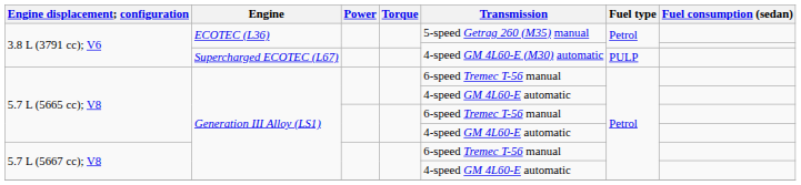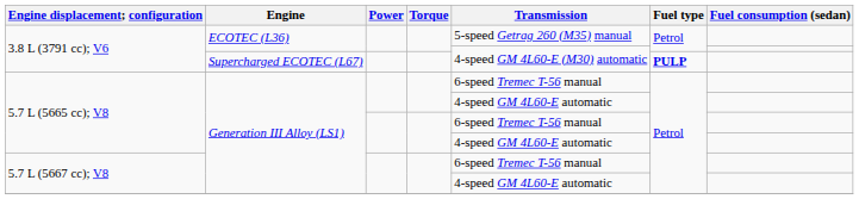 <table class = "wikitable">
 <tr>
 <th><a href='#'>Engine displacement</a>; <a href='#'>configuration</a></th>
 <th>Engine</th>
 <th><a href='#'>Power</a></th>
 <th><a href='#'>Torque</a></th>
 <th><a href='#'>Transmission</a></th>
 <th>Fuel type</th>
 <th><a href='#'>Fuel consumption</a> (sedan)</th>
 </tr>
 <tr>
 <td rowspan = "3">3.8 L (3791 cc); <a href='#'>V6</a></td>
 <td rowspan = "2"><em><a href='#'>ECOTEC (L36)</a></em></td>
 <td rowspan = "2"></td>
 <td rowspan = "2"></td>
 <td rowspan = "1">5-speed <em><a href='#'>Getrag 260 (M35)</a></em> <a href='#'>manual</a></td>
 <td rowspan = "2"><a href='#'>Petrol</a></td>
 <td></td>
 </tr>
 <tr>
 <td rowspan = "2">4-speed <em><a href='#'>GM 4L60-E (M30)</a></em> <a href='#'>automatic</a></td>
 <td></td>
 </tr>
 <tr>
 <td rowspan = "1"><em><a href='#'>Supercharged ECOTEC (L67)</a></em></td>
 <td rowspan = "1"></td>
 <td rowspan = "1"></td>
-<td rowspan = "1"><a href='#'>PULP</a></td>
+<td rowspan = "1"><strong><a href='#'>PULP</a></strong></td>
 <td></td>
 </tr>
 <tr>
 <td rowspan = "4">5.7 L (5665 cc); <a href='#'>V8</a></td>
 <td rowspan = "6"><em><a href='#'>Generation III Alloy (LS1)</a></em></td>
 <td rowspan = "2"></td>
 <td rowspan = "2"></td>
 <td>6-speed <em><a href='#'>Tremec T-56</a></em> manual</td>
 <td rowspan = "6"><a href='#'>Petrol</a></td>
 <td></td>
 </tr>
 <tr>
 <td>4-speed <em><a href='#'>GM 4L60-E</a></em> automatic</td>
 <td></td>
 </tr>
 <tr>
 <td rowspan = "2"></td>
 <td rowspan = "2"></td>
 <td>6-speed <em><a href='#'>Tremec T-56</a></em> manual</td>
 <td></td>
 </tr>
 <tr>
 <td>4-speed <em><a href='#'>GM 4L60-E</a></em> automatic</td>
 <td></td>
 </tr>
 <tr>
 <td rowspan = "2">5.7 L (5667 cc); <a href='#'>V8</a></td>
 <td rowspan = "2"></td>
 <td rowspan = "2"></td>
 <td>6-speed <em><a href='#'>Tremec T-56</a></em> manual</td>
 <td></td>
 </tr>
 <tr>
 <td>4-speed <em><a href='#'>GM 4L60-E</a></em> automatic</td>
 <td></td>
 </tr>
 <tr>
 </tr>
 </table>
